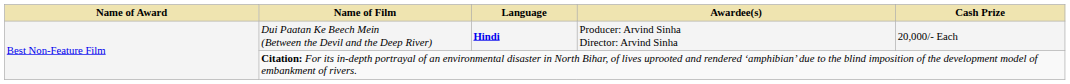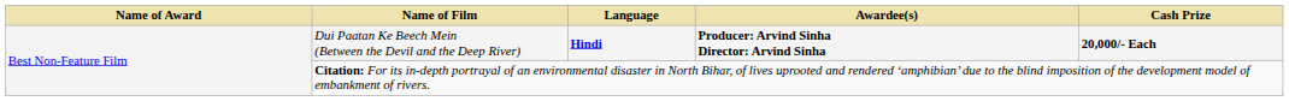 <table class="wikitable" style="width:100%;">
 <tr>
 <th style="background-color:#EFE4B0;width:24%;">Name of Award</th>
 <th style="background-color:#EFE4B0;width:20%;">Name of Film</th>
 <th style="background-color:#EFE4B0;width:10%;">Language</th>
 <th style="background-color:#EFE4B0;width:30%;">Awardee(s)</th>
 <th style="background-color:#EFE4B0;width:16%;">Cash Prize</th>
 </tr>
 <tr style="background-color:#F4F4F4">
 <td rowspan="2"><a href='#'>Best Non-Feature Film</a></td>
 <td><em>Dui Paatan Ke Beech Mein<br>(Between the Devil and the Deep River)</em></td>
 <td><strong><a href='#'>Hindi</a></strong></td>
-<td>Producer: Arvind Sinha<br>Director: Arvind Sinha</td>
-<td> 20,000/- Each</td>
+<td><strong>Producer: Arvind Sinha<br>Director: Arvind Sinha</strong></td>
+<td><strong> 20,000/- Each</strong></td>
 </tr>
 <tr style="background-color:#F9F9F9">
 <td colspan="4"><strong>Citation:</strong> <em>For its in-depth portrayal of an environmental disaster in North Bihar, of lives uprooted and rendered ‘amphibian’ due to the blind imposition of the development model of embankment of rivers.</em></td>
 </tr>
 </table>
